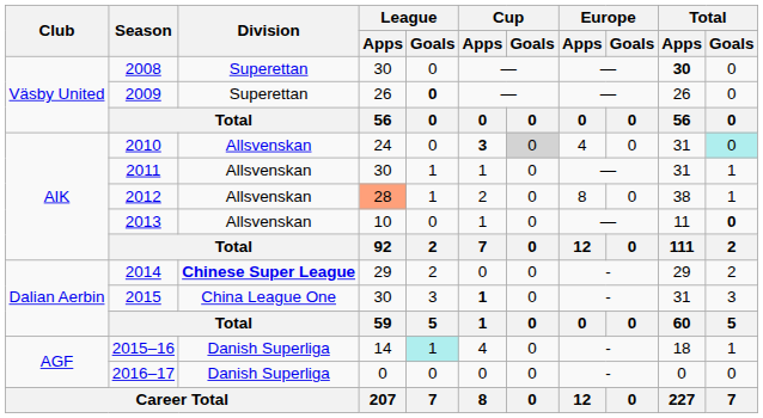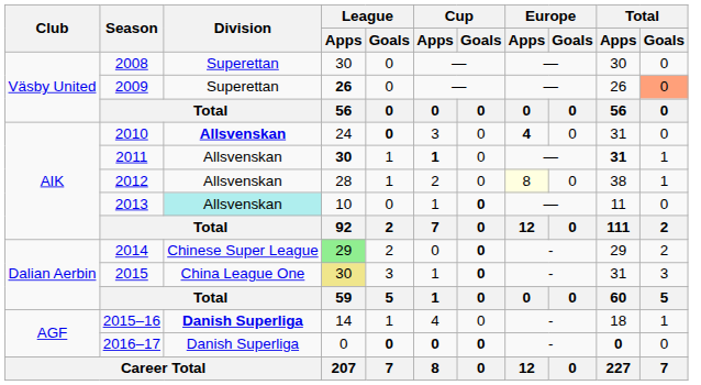 <table class="wikitable" style="text-align: center;">
 <tr>
 <th rowspan="2">Club</th>
 <th rowspan="2">Season</th>
 <th rowspan="2">Division</th>
 <th colspan="2">League</th>
 <th colspan="2">Cup</th>
 <th colspan="2">Europe</th>
 <th colspan="2">Total</th>
 </tr>
 <tr>
 <th>Apps</th>
 <th>Goals</th>
 <th>Apps</th>
 <th>Goals</th>
 <th>Apps</th>
 <th>Goals</th>
 <th>Apps</th>
 <th>Goals</th>
 </tr>
 <tr>
 <td rowspan="3" valign="center"><a href='#'>Väsby United</a></td>
 <td><a href='#'>2008</a></td>
 <td valign="center"><a href='#'>Superettan</a></td>
 <td>30</td>
 <td>0</td>
 <td colspan="2">—</td>
 <td colspan="2">—</td>
-<td><strong>30</strong></td>
+<td>30</td>
 <td>0</td>
 </tr>
 <tr>
 <td><a href='#'>2009</a></td>
 <td>Superettan</td>
-<td>26</td>
-<td><strong>0</strong></td>
+<td><strong>26</strong></td>
+<td>0</td>
 <td colspan="2">—</td>
 <td colspan="2">—</td>
 <td>26</td>
-<td>0</td>
+<td style="background: lightsalmon;">0</td>
 </tr>
 <tr>
 <th colspan="2">Total</th>
 <th>56</th>
 <th>0</th>
 <th>0</th>
 <th>0</th>
 <th>0</th>
 <th>0</th>
 <th>56</th>
 <th>0</th>
 </tr>
 <tr>
 <td rowspan="5" valign="center"><a href='#'>AIK</a></td>
 <td><a href='#'>2010</a></td>
-<td valign="center"><a href='#'>Allsvenskan</a></td>
+<td valign="center"><strong><a href='#'>Allsvenskan</a></strong></td>
 <td>24</td>
+<td><strong>0</strong></td>
+<td>3</td>
 <td>0</td>
-<td><strong>3</strong></td>
-<td style="background: lightgrey;">0</td>
-<td>4</td>
+<td><strong>4</strong></td>
 <td>0</td>
 <td>31</td>
-<td style="background: paleturquoise;">0</td>
+<td>0</td>
 </tr>
 <tr>
 <td><a href='#'>2011</a></td>
 <td>Allsvenskan</td>
-<td>30</td>
+<td><strong>30</strong></td>
 <td>1</td>
-<td>1</td>
+<td><strong>1</strong></td>
 <td>0</td>
 <td colspan="2">—</td>
-<td>31</td>
+<td><strong>31</strong></td>
 <td>1</td>
 </tr>
 <tr>
 <td><a href='#'>2012</a></td>
 <td>Allsvenskan</td>
-<td style="background: lightsalmon;">28</td>
+<td>28</td>
 <td>1</td>
 <td>2</td>
 <td>0</td>
-<td>8</td>
+<td style="background: lightyellow;">8</td>
 <td>0</td>
 <td>38</td>
 <td>1</td>
 </tr>
 <tr>
 <td><a href='#'>2013</a></td>
-<td>Allsvenskan</td>
+<td style="background: paleturquoise;">Allsvenskan</td>
 <td>10</td>
 <td>0</td>
 <td>1</td>
-<td>0</td>
+<td><strong>0</strong></td>
 <td colspan="2">—</td>
 <td>11</td>
-<td><strong>0</strong></td>
+<td>0</td>
 </tr>
 <tr>
 <th colspan="2">Total</th>
 <th>92</th>
 <th>2</th>
 <th>7</th>
 <th>0</th>
 <th>12</th>
 <th>0</th>
 <th>111</th>
 <th>2</th>
 </tr>
 <tr>
 <td rowspan="3"><a href='#'>Dalian Aerbin</a></td>
 <td><a href='#'>2014</a></td>
-<td rowspan="1"><strong><a href='#'>Chinese Super League</a></strong></td>
-<td>29</td>
+<td rowspan="1"><a href='#'>Chinese Super League</a></td>
+<td style="background: lightgreen;">29</td>
 <td>2</td>
 <td>0</td>
-<td>0</td>
+<td><strong>0</strong></td>
 <td colspan="2">-</td>
 <td>29</td>
 <td>2</td>
 </tr>
 <tr>
 <td><a href='#'>2015</a></td>
 <td rowspan="1"><a href='#'>China League One</a></td>
-<td>30</td>
+<td style="background: khaki;">30</td>
 <td>3</td>
-<td><strong>1</strong></td>
-<td>0</td>
+<td>1</td>
+<td><strong>0</strong></td>
 <td colspan="2">-</td>
 <td>31</td>
 <td>3</td>
 </tr>
 <tr>
 <th colspan="2">Total</th>
 <th>59</th>
 <th>5</th>
 <th>1</th>
 <th>0</th>
 <th>0</th>
 <th>0</th>
 <th>60</th>
 <th>5</th>
 </tr>
 <tr>
 <td rowspan="2"><a href='#'>AGF</a></td>
 <td><a href='#'>2015–16</a></td>
-<td rowspan="1"><a href='#'>Danish Superliga</a></td>
+<td rowspan="1"><strong><a href='#'>Danish Superliga</a></strong></td>
 <td>14</td>
-<td style="background: paleturquoise;">1</td>
+<td>1</td>
 <td>4</td>
 <td>0</td>
 <td colspan="2">-</td>
 <td>18</td>
 <td>1</td>
 </tr>
 <tr>
 <td><a href='#'>2016–17</a></td>
 <td rowspan="1"><a href='#'>Danish Superliga</a></td>
 <td>0</td>
-<td>0</td>
-<td>0</td>
-<td>0</td>
+<td><strong>0</strong></td>
+<td><strong>0</strong></td>
+<td><strong>0</strong></td>
 <td colspan="2">-</td>
-<td>0</td>
+<td><strong>0</strong></td>
 <td>0</td>
 </tr>
 <tr>
 <th colspan="3">Career Total</th>
 <th>207</th>
 <th>7</th>
 <th>8</th>
 <th>0</th>
 <th>12</th>
 <th>0</th>
 <th>227</th>
 <th>7</th>
 </tr>
 </table>
